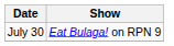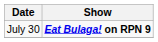 <table class="wikitable">
 <tr>
 <th>Date</th>
 <th>Show</th>
 </tr>
 <tr>
 <td>July 30</td>
-<td><em><a href='#'>Eat Bulaga!</a></em> on RPN 9</td>
+<td><strong><em><a href='#'>Eat Bulaga!</a></em> on RPN 9</strong></td>
 </tr>
 <tr>
 </tr>
 </table>
